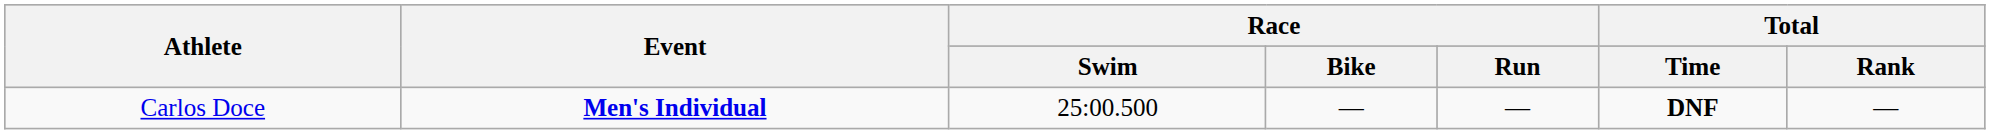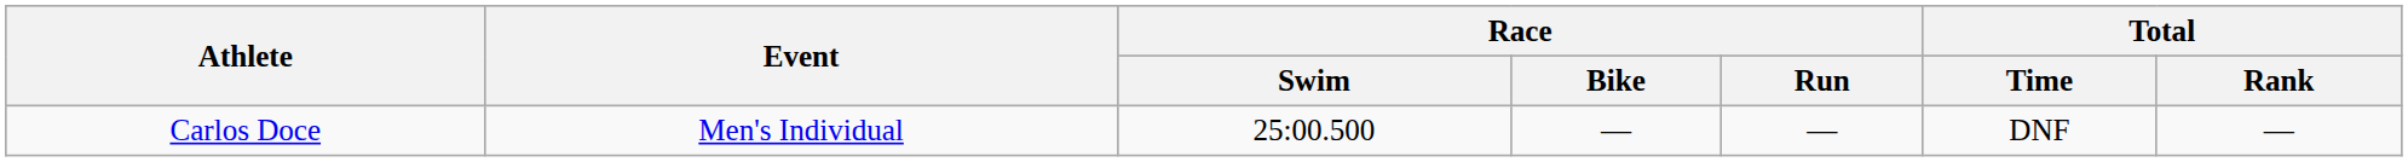 <table class="wikitable" style="font-size:95%; text-align:center;" width="95%">
 <tr>
 <th rowspan="2">Athlete</th>
 <th rowspan="2">Event</th>
 <th colspan="3">Race</th>
 <th colspan="2">Total</th>
 </tr>
 <tr>
 <th>Swim</th>
 <th>Bike</th>
 <th>Run</th>
 <th>Time</th>
 <th>Rank</th>
 </tr>
 <tr>
 <td width=20%><a href='#'>Carlos Doce</a></td>
-<td><strong><a href='#'>Men's Individual</a></strong></td>
+<td><a href='#'>Men's Individual</a></td>
 <td>25:00.500</td>
 <td>—</td>
 <td>—</td>
-<td><strong>DNF</strong></td>
+<td>DNF</td>
 <td>—</td>
 </tr>
 </table>
